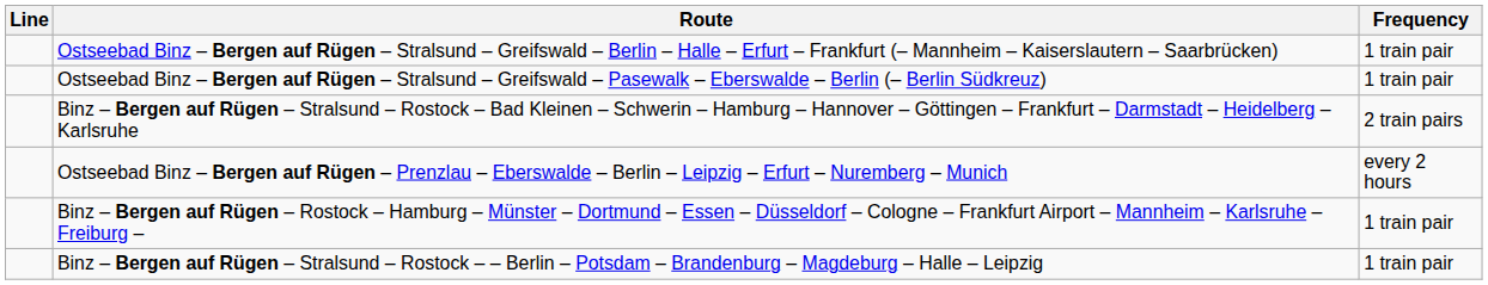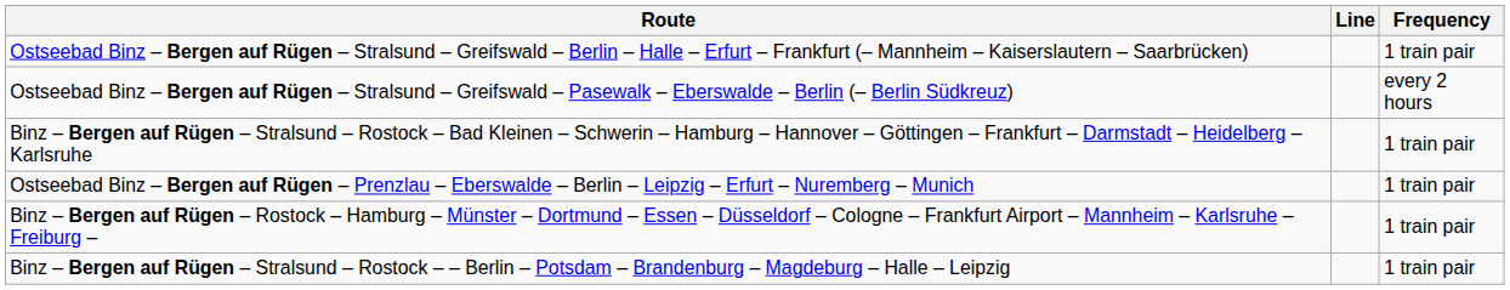 <table class="wikitable">
 <tr>
+<th>Route</th>
 <th>Line</th>
-<th>Route</th>
 <th>Frequency</th>
 </tr>
 <tr>
+<td><a href='#'>Ostseebad Binz</a> – <strong>Bergen auf Rügen</strong> – Stralsund – Greifswald – <a href='#'>Berlin</a> – <a href='#'>Halle</a> – <a href='#'>Erfurt</a> – Frankfurt (– Mannheim – Kaiserslautern – Saarbrücken)</td>
 <td></td>
-<td><a href='#'>Ostseebad Binz</a> – <strong>Bergen auf Rügen</strong> – Stralsund – Greifswald – <a href='#'>Berlin</a> – <a href='#'>Halle</a> – <a href='#'>Erfurt</a> – Frankfurt (– Mannheim – Kaiserslautern – Saarbrücken)</td>
 <td>1 train pair</td>
 </tr>
 <tr>
+<td>Ostseebad Binz – <strong>Bergen auf Rügen</strong> – Stralsund – Greifswald – <a href='#'>Pasewalk</a> – <a href='#'>Eberswalde</a> – <a href='#'>Berlin</a> (– <a href='#'>Berlin Südkreuz</a>)</td>
 <td></td>
-<td>Ostseebad Binz – <strong>Bergen auf Rügen</strong> – Stralsund – Greifswald – <a href='#'>Pasewalk</a> – <a href='#'>Eberswalde</a> – <a href='#'>Berlin</a> (– <a href='#'>Berlin Südkreuz</a>)</td>
+<td>every 2 hours</td>
+</tr>
+<tr>
+<td>Binz – <strong>Bergen auf Rügen</strong> – Stralsund – Rostock – Bad Kleinen – Schwerin – Hamburg – Hannover – Göttingen – Frankfurt – <a href='#'>Darmstadt</a> – <a href='#'>Heidelberg</a> – Karlsruhe</td>
+<td></td>
 <td>1 train pair</td>
 </tr>
 <tr>
+<td>Ostseebad Binz – <strong>Bergen auf Rügen</strong> – <a href='#'>Prenzlau</a> – <a href='#'>Eberswalde</a> – Berlin – <a href='#'>Leipzig</a> – <a href='#'>Erfurt</a> – <a href='#'>Nuremberg</a> – <a href='#'>Munich</a></td>
 <td></td>
-<td>Binz – <strong>Bergen auf Rügen</strong> – Stralsund – Rostock – Bad Kleinen – Schwerin – Hamburg – Hannover – Göttingen – Frankfurt – <a href='#'>Darmstadt</a> – <a href='#'>Heidelberg</a> – Karlsruhe</td>
-<td>2 train pairs</td>
-</tr>
-<tr>
-<td></td>
-<td>Ostseebad Binz – <strong>Bergen auf Rügen</strong> – <a href='#'>Prenzlau</a> – <a href='#'>Eberswalde</a> – Berlin – <a href='#'>Leipzig</a> – <a href='#'>Erfurt</a> – <a href='#'>Nuremberg</a> – <a href='#'>Munich</a></td>
-<td>every 2 hours</td>
-</tr>
-<tr>
-<td></td>
-<td>Binz – <strong>Bergen auf Rügen</strong> – Rostock – Hamburg – <a href='#'>Münster</a> – <a href='#'>Dortmund</a> – <a href='#'>Essen</a> – <a href='#'>Düsseldorf</a> – Cologne – Frankfurt Airport – <a href='#'>Mannheim</a> – <a href='#'>Karlsruhe</a> – <a href='#'>Freiburg</a> – </td>
 <td>1 train pair</td>
 </tr>
 <tr>
+<td>Binz – <strong>Bergen auf Rügen</strong> – Rostock – Hamburg – <a href='#'>Münster</a> – <a href='#'>Dortmund</a> – <a href='#'>Essen</a> – <a href='#'>Düsseldorf</a> – Cologne – Frankfurt Airport – <a href='#'>Mannheim</a> – <a href='#'>Karlsruhe</a> – <a href='#'>Freiburg</a> – </td>
 <td></td>
+<td>1 train pair</td>
+</tr>
+<tr>
 <td>Binz – <strong>Bergen auf Rügen</strong> – Stralsund – Rostock –  – Berlin – <a href='#'>Potsdam</a> – <a href='#'>Brandenburg</a> – <a href='#'>Magdeburg</a> – Halle – Leipzig</td>
+<td></td>
 <td>1 train pair</td>
 </tr>
 </table>
